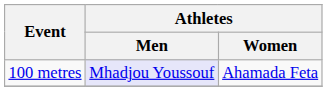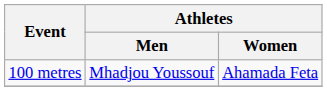 <table class=wikitable style="font-size:90%">
 <tr>
 <th rowspan=2>Event</th>
 <th colspan=2>Athletes</th>
 </tr>
 <tr>
 <th>Men</th>
 <th>Women</th>
 </tr>
 <tr>
 <td><a href='#'>100 metres</a></td>
-<td style="background: lavender;"><a href='#'>Mhadjou Youssouf</a></td>
+<td><a href='#'>Mhadjou Youssouf</a></td>
 <td><a href='#'>Ahamada Feta</a></td>
 </tr>
 <tr>
 </tr>
 </table>
